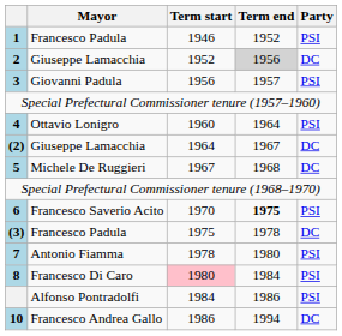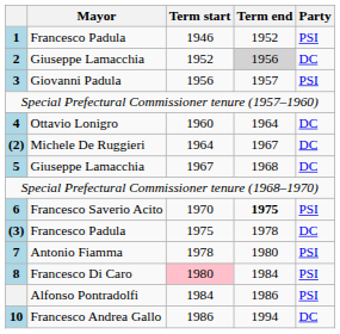 <table class="wikitable">
 <tr>
 <th class=unsortable> </th>
 <th>Mayor</th>
 <th>Term start</th>
 <th>Term end</th>
 <th>Party</th>
 </tr>
 <tr>
 <th style="background:#ADD8E6;">1</th>
 <td>Francesco Padula</td>
 <td align=center>1946</td>
 <td align=center>1952</td>
 <td><a href='#'>PSI</a></td>
 </tr>
 <tr>
 <th style="background:#ADD8E6;">2</th>
 <td>Giuseppe Lamacchia</td>
 <td align=center>1952</td>
 <td align=center style="background: lightgrey;">1956</td>
 <td><a href='#'>DC</a></td>
 </tr>
 <tr>
 <th style="background:#ADD8E6;">3</th>
 <td>Giovanni Padula</td>
 <td align=center>1956</td>
 <td align=center>1957</td>
 <td><a href='#'>PSI</a></td>
 </tr>
 <tr>
 <td colspan=5 align=center><em>Special Prefectural Commissioner tenure (1957–1960)</em></td>
 </tr>
 <tr>
 <th style="background:#ADD8E6;">4</th>
 <td>Ottavio Lonigro</td>
 <td align=center>1960</td>
 <td align=center>1964</td>
-<td><a href='#'>PSI</a></td>
+<td><a href='#'>DC</a></td>
 </tr>
 <tr>
 <th style="background:#ADD8E6;">(2)</th>
-<td>Giuseppe Lamacchia</td>
+<td>Michele De Ruggieri</td>
 <td align=center>1964</td>
 <td align=center>1967</td>
 <td><a href='#'>DC</a></td>
 </tr>
 <tr>
 <th style="background:#ADD8E6;">5</th>
-<td>Michele De Ruggieri</td>
+<td>Giuseppe Lamacchia</td>
 <td align=center>1967</td>
 <td align=center>1968</td>
 <td><a href='#'>DC</a></td>
 </tr>
 <tr>
 <td colspan=5 align=center><em>Special Prefectural Commissioner tenure (1968–1970)</em></td>
 </tr>
 <tr>
 <th style="background:#ADD8E6;">6</th>
 <td>Francesco Saverio Acito</td>
 <td align=center>1970</td>
 <td align=center><strong>1975</strong></td>
 <td><a href='#'>PSI</a></td>
 </tr>
 <tr>
 <th style="background:#ADD8E6;">(3)</th>
 <td>Francesco Padula</td>
 <td align=center>1975</td>
 <td align=center>1978</td>
 <td><a href='#'>DC</a></td>
 </tr>
 <tr>
 <th style="background:#ADD8E6;">7</th>
 <td>Antonio Fiamma</td>
 <td align=center>1978</td>
 <td align=center>1980</td>
 <td><a href='#'>PSI</a></td>
 </tr>
 <tr>
 <th style="background:#ADD8E6;">8</th>
 <td>Francesco Di Caro</td>
 <td align=center style="background: pink;">1980</td>
 <td align=center>1984</td>
 <td><a href='#'>PSI</a></td>
 </tr>
 <tr>
 <th style="background:"></th>
 <td>Alfonso Pontradolfi</td>
 <td align=center>1984</td>
 <td align=center>1986</td>
 <td><a href='#'>PSI</a></td>
 </tr>
 <tr>
 <th style="background:#ADD8E6;">10</th>
 <td>Francesco Andrea Gallo</td>
 <td align=center>1986</td>
 <td align=center>1994</td>
 <td><a href='#'>DC</a></td>
 </tr>
 </table>
